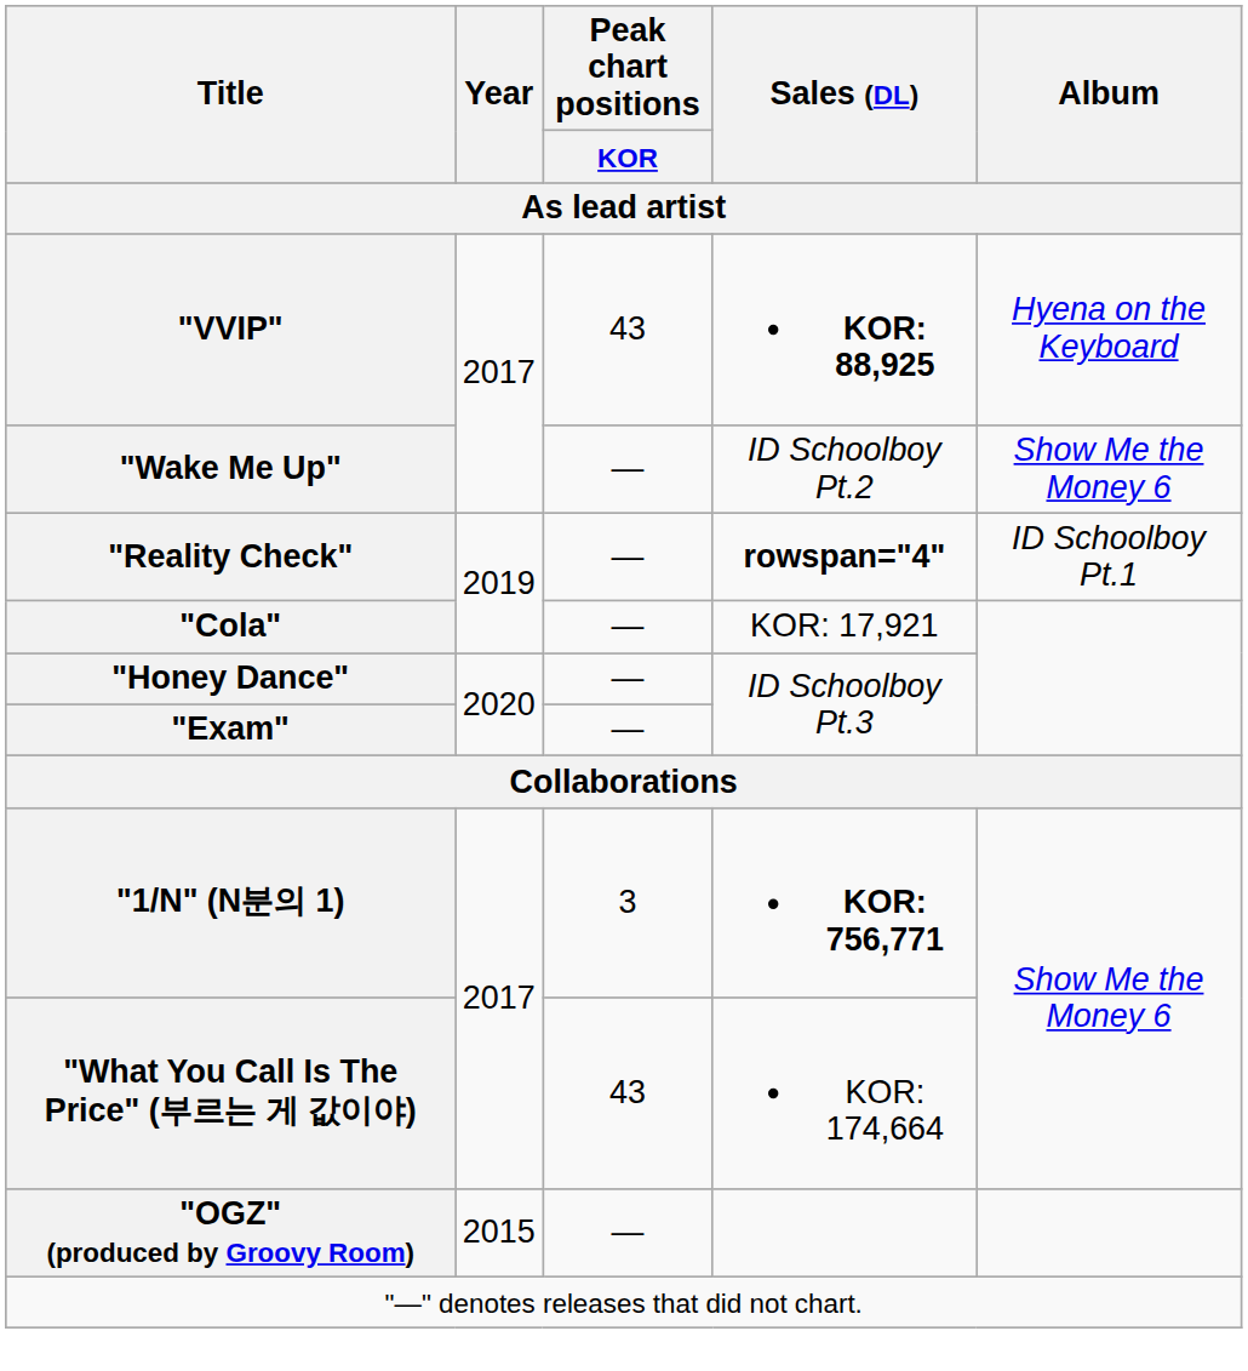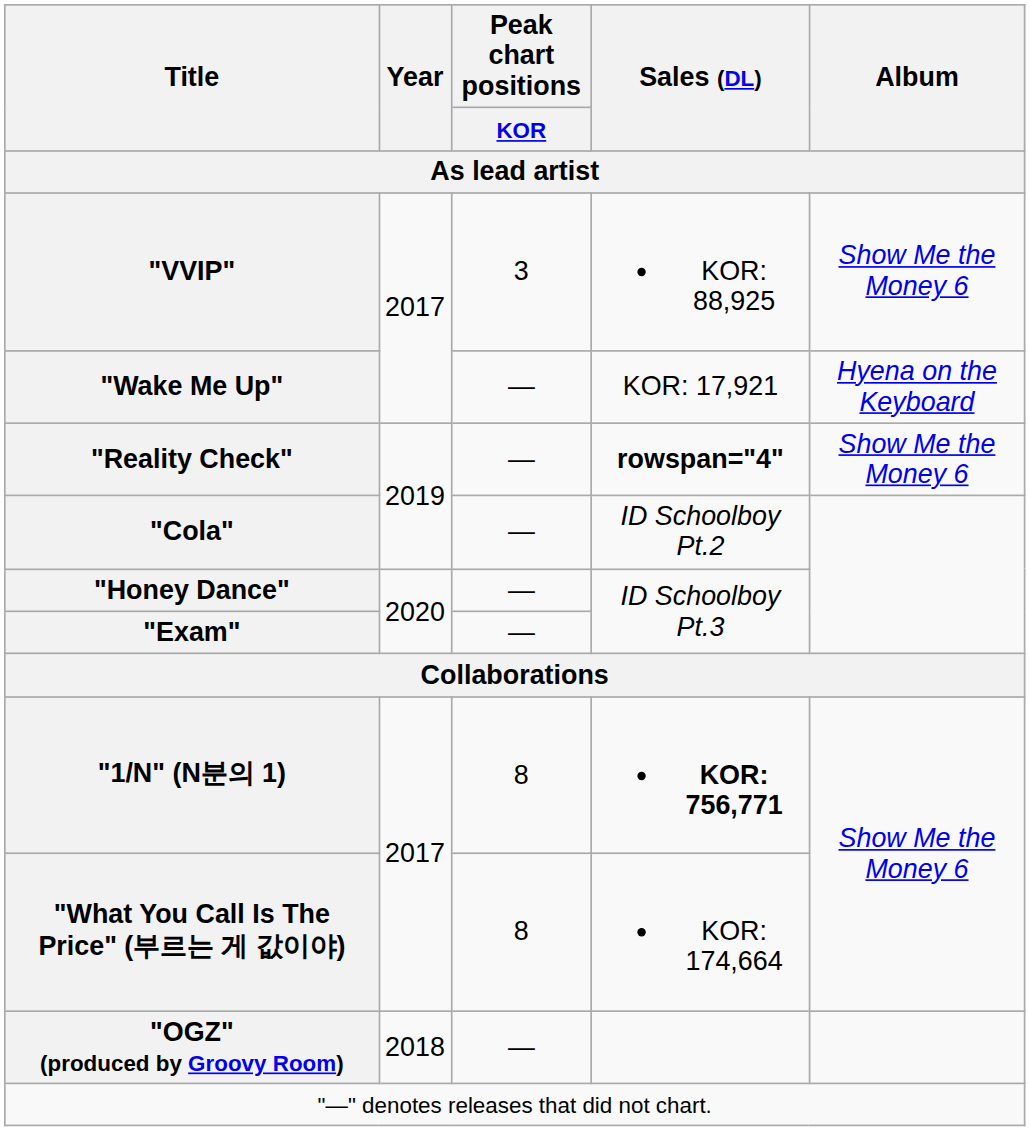 <table class="wikitable plainrowheaders" style="text-align:center;">
 <tr>
 <th scope="col" rowspan="2">Title</th>
 <th scope="col" rowspan="2">Year</th>
 <th scope="col" colspan="1">Peak chart <br> positions</th>
 <th scope="col" rowspan="2">Sales <small>(<a href='#'>DL</a>)</small></th>
 <th scope="col" rowspan="2">Album</th>
 </tr>
 <tr>
 <th><small><a href='#'>KOR</a></small><br></th>
 </tr>
 <tr>
 <th scope="col" colspan="5">As lead artist</th>
 </tr>
 <tr>
 <th scope="row">"VVIP"<br></th>
 <td rowspan="2">2017</td>
-<td>43</td>
-<td><strong><br><ul><li>KOR: 88,925</li></ul></strong></td>
-<td><em><a href='#'>Hyena on the Keyboard</a></em></td>
+<td>3</td>
+<td><br><ul><li>KOR: 88,925</li></ul></td>
+<td><em><a href='#'>Show Me the Money 6</a></em></td>
 </tr>
 <tr>
 <th scope="row">"Wake Me Up" <br></th>
 <td>—</td>
-<td><em>ID Schoolboy Pt.2</em></td>
-<td><em><a href='#'>Show Me the Money 6</a></em></td>
+<td>KOR: 17,921</td>
+<td><em><a href='#'>Hyena on the Keyboard</a></em></td>
 </tr>
 <tr>
 <th scope="row">"Reality Check"<br></th>
 <td rowspan="2">2019</td>
 <td>—</td>
 <td><strong>rowspan="4" </strong></td>
-<td><em>ID Schoolboy Pt.1</em></td>
+<td><em><a href='#'>Show Me the Money 6</a></em></td>
 </tr>
 <tr>
 <th scope="row">"Cola"<br></th>
 <td>—</td>
-<td>KOR: 17,921</td>
+<td><em>ID Schoolboy Pt.2</em></td>
 </tr>
 <tr>
 <th scope="row">"Honey Dance"</th>
 <td rowspan="2">2020</td>
 <td>—</td>
 <td rowspan="2"><em>ID Schoolboy Pt.3</em></td>
 </tr>
 <tr>
 <th scope="row">"Exam"<br></th>
 <td>—</td>
 </tr>
 <tr>
 <th scope="col" colspan="5">Collaborations</th>
 </tr>
 <tr>
 <th scope="row">"1/N" (N분의 1)<br></th>
 <td rowspan="2">2017</td>
-<td>3</td>
+<td>8</td>
 <td><strong><br><ul><li>KOR: 756,771</li></ul></strong></td>
 <td rowspan="2"><em><a href='#'>Show Me the Money 6</a></em></td>
 </tr>
 <tr>
 <th scope="row">"What You Call Is The Price" (부르는 게 값이야)<br></th>
-<td>43</td>
+<td>8</td>
 <td><br><ul><li>KOR: 174,664</li></ul></td>
 </tr>
 <tr>
 <th scope="row">"OGZ"<br> <small>(produced by <a href='#'>Groovy Room</a>)</small></th>
-<td>2015</td>
+<td>2018</td>
 <td>—</td>
 <td></td>
 <td></td>
 </tr>
 <tr>
 <td colspan="5" align="center"><small>"—" denotes releases that did not chart.</small></td>
 </tr>
 </table>
